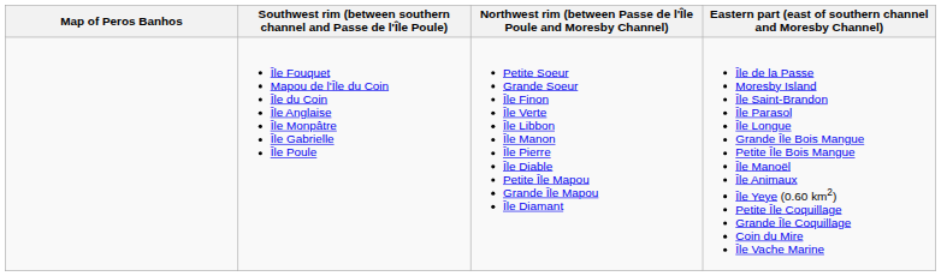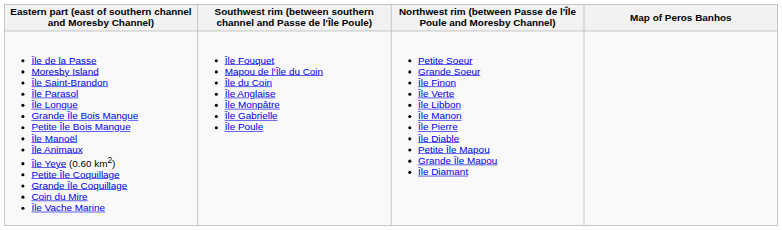 <table class=wikitable>
 <tr>
-<th>Map of Peros Banhos</th>
+<th>Eastern part (east of southern channel and Moresby Channel)</th>
 <th>Southwest rim (between southern channel and Passe de l'Île Poule)</th>
 <th>Northwest rim (between Passe de l'Île Poule and Moresby Channel)</th>
-<th>Eastern part (east of southern channel and Moresby Channel)</th>
+<th>Map of Peros Banhos</th>
 </tr>
 <tr>
-<td style="width:25%; vertical-align:top;"><br></td>
+<td style="width:25%; vertical-align:top;"><br><ul><li><a href='#'>Île de la Passe</a></li><li><a href='#'>Moresby Island</a></li><li><a href='#'>Île Saint-Brandon</a></li><li><a href='#'>Île Parasol</a></li><li><a href='#'>Île Longue</a></li><li><a href='#'>Grande Île Bois Mangue</a></li><li><a href='#'>Petite Île Bois Mangue</a></li><li><a href='#'>Île Manoël</a></li><li><a href='#'>Île Animaux</a></li><li><a href='#'>Île Yeye</a> (0.60 km<sup>2</sup>)</li><li><a href='#'>Petite Île Coquillage</a></li><li><a href='#'>Grande Île Coquillage</a></li><li><a href='#'>Coin du Mire</a></li><li><a href='#'>Île Vache Marine</a></li></ul></td>
 <td style="width:25%; vertical-align:top;"><br><ul><li><a href='#'>Île Fouquet</a></li><li><a href='#'>Mapou de l'Île du Coin</a></li><li><a href='#'>Île du Coin</a></li><li><a href='#'>Île Anglaise</a></li><li><a href='#'>Île Monpâtre</a></li><li><a href='#'>Île Gabrielle</a></li><li><a href='#'>Île Poule</a></li></ul></td>
 <td style="width:25%; vertical-align:top;"><br><ul><li><a href='#'>Petite Soeur</a></li><li><a href='#'>Grande Soeur</a></li><li><a href='#'>Île Finon</a></li><li><a href='#'>Île Verte</a></li><li><a href='#'>Île Libbon</a></li><li><a href='#'>Île Manon</a></li><li><a href='#'>Île Pierre</a></li><li><a href='#'>Île Diable</a></li><li><a href='#'>Petite Île Mapou</a></li><li><a href='#'>Grande Île Mapou</a></li><li><a href='#'>Île Diamant</a></li></ul></td>
-<td style="width:25%; vertical-align:top;"><br><ul><li><a href='#'>Île de la Passe</a></li><li><a href='#'>Moresby Island</a></li><li><a href='#'>Île Saint-Brandon</a></li><li><a href='#'>Île Parasol</a></li><li><a href='#'>Île Longue</a></li><li><a href='#'>Grande Île Bois Mangue</a></li><li><a href='#'>Petite Île Bois Mangue</a></li><li><a href='#'>Île Manoël</a></li><li><a href='#'>Île Animaux</a></li><li><a href='#'>Île Yeye</a> (0.60 km<sup>2</sup>)</li><li><a href='#'>Petite Île Coquillage</a></li><li><a href='#'>Grande Île Coquillage</a></li><li><a href='#'>Coin du Mire</a></li><li><a href='#'>Île Vache Marine</a></li></ul></td>
+<td style="width:25%; vertical-align:top;"><br></td>
 </tr>
 </table>
